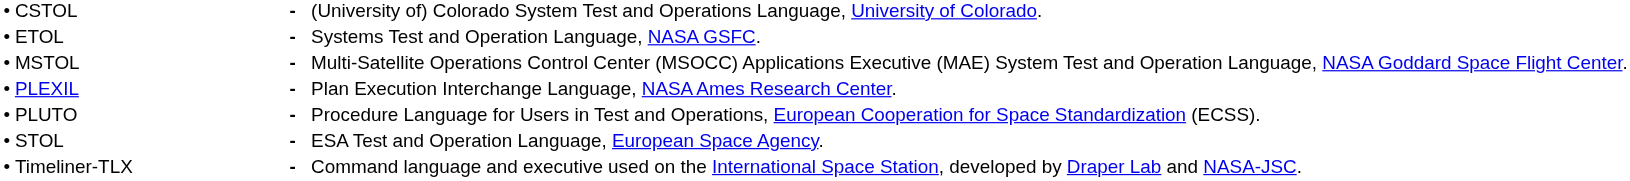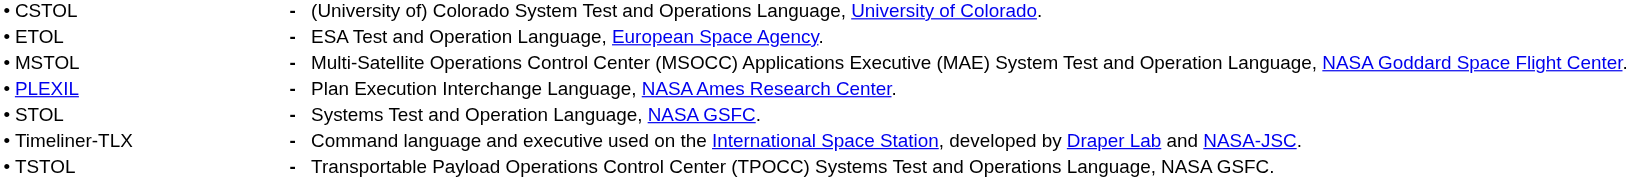 <table style="align: center; text-align: left; border: 0; border-color: white">
 <tr style="vertical-align: top;">
 <td style="text-align: center;">•</td>
 <td style="width:15%;">CSTOL</td>
 <td style="width:3%; text-align: right;"><strong>-</strong>  </td>
 <td>(University of) Colorado System Test and Operations Language, <a href='#'>University of Colorado</a>.</td>
 </tr>
 <tr style="vertical-align: top;">
 <td style="text-align: center;">•</td>
 <td style="width:15%;">ETOL</td>
 <td style="width:3%; text-align: right;"><strong>-</strong>  </td>
-<td>Systems Test and Operation Language, <a href='#'>NASA GSFC</a>.</td>
+<td>ESA Test and Operation Language, <a href='#'>European Space Agency</a>.</td>
 </tr>
 <tr style="vertical-align: top;">
 <td style="text-align: center;">•</td>
 <td style="width:15%;">MSTOL</td>
 <td style="width:3%; text-align: right;"><strong>-</strong>  </td>
 <td>Multi-Satellite Operations Control Center (MSOCC) Applications Executive (MAE) System Test and Operation Language, <a href='#'>NASA Goddard Space Flight Center</a>.</td>
 </tr>
 <tr style="vertical-align: top;">
 <td style="text-align: center;">•</td>
 <td style="width:15%;"><a href='#'>PLEXIL</a></td>
 <td style="width:3%; text-align: right;"><strong>-</strong>  </td>
 <td>Plan Execution Interchange Language, <a href='#'>NASA Ames Research Center</a>.</td>
 </tr>
 <tr style="vertical-align: top;">
 <td style="text-align: center;">•</td>
-<td style="width:15%;">PLUTO</td>
-<td style="width:3%; text-align: right;"><strong>-</strong>  </td>
-<td>Procedure Language for Users in Test and Operations, <a href='#'>European Cooperation for Space Standardization</a> (ECSS).</td>
-</tr>
-<tr style="vertical-align: top;">
-<td style="text-align: center;">•</td>
 <td style="width:15%;">STOL</td>
 <td style="width:3%; text-align: right;"><strong>-</strong>  </td>
-<td>ESA Test and Operation Language, <a href='#'>European Space Agency</a>.</td>
+<td>Systems Test and Operation Language, <a href='#'>NASA GSFC</a>.</td>
 </tr>
 <tr style="vertical-align: top;">
 <td style="text-align: center;">•</td>
 <td style="width:15%;">Timeliner‑TLX</td>
 <td style="width:3%; text-align: right;"><strong>-</strong>  </td>
 <td>Command language and executive used on the <a href='#'>International Space Station</a>, developed by <a href='#'>Draper Lab</a> and <a href='#'>NASA-JSC</a>.</td>
 </tr>
+<tr style="vertical-align: top;">
+<td style="text-align: center;">•</td>
+<td style="width:15%;">TSTOL</td>
+<td style="width:3%; text-align: right;"><strong>-</strong>  </td>
+<td>Transportable Payload Operations Control Center (TPOCC) Systems Test and Operations Language, NASA GSFC.</td>
+</tr>
 </table>
